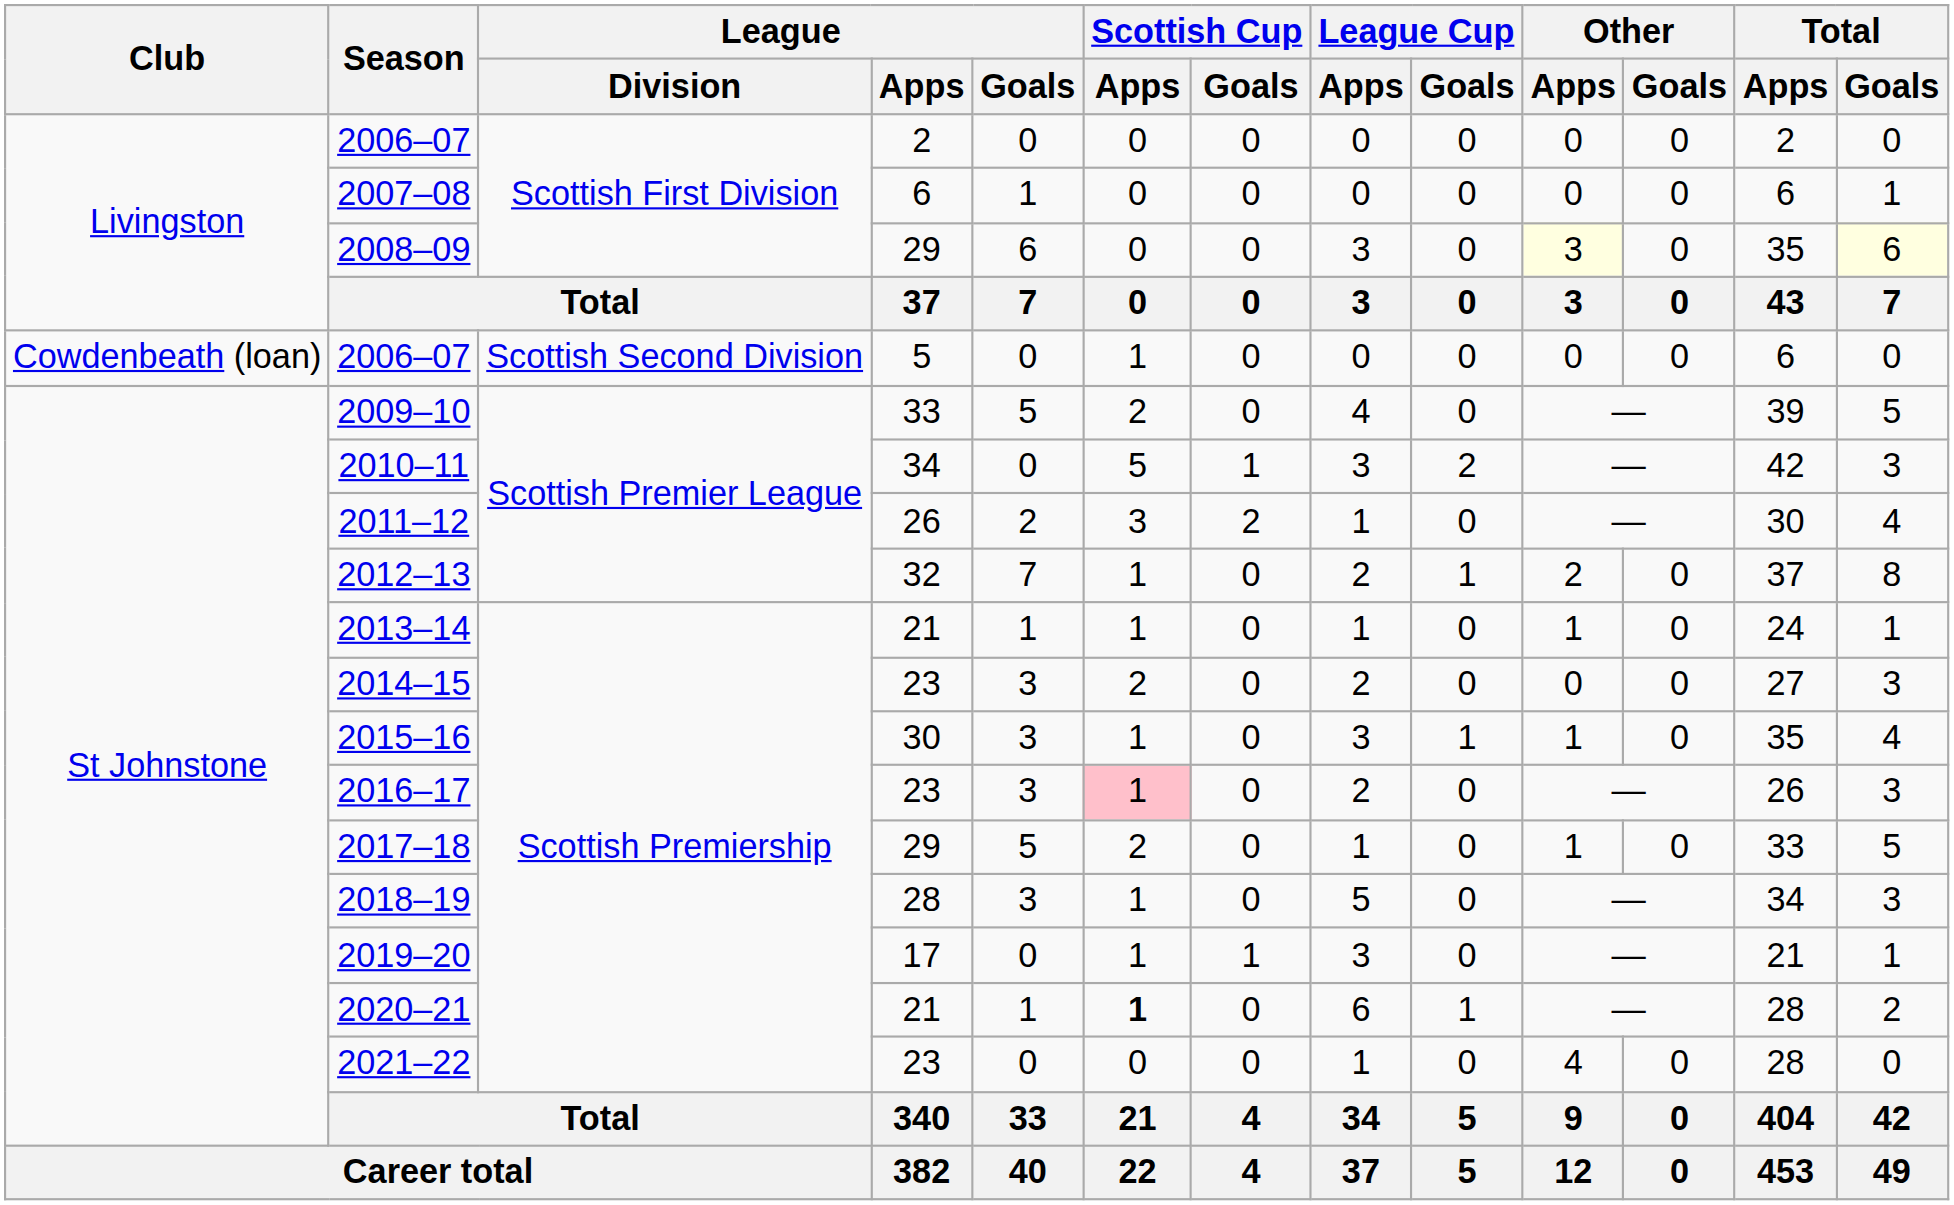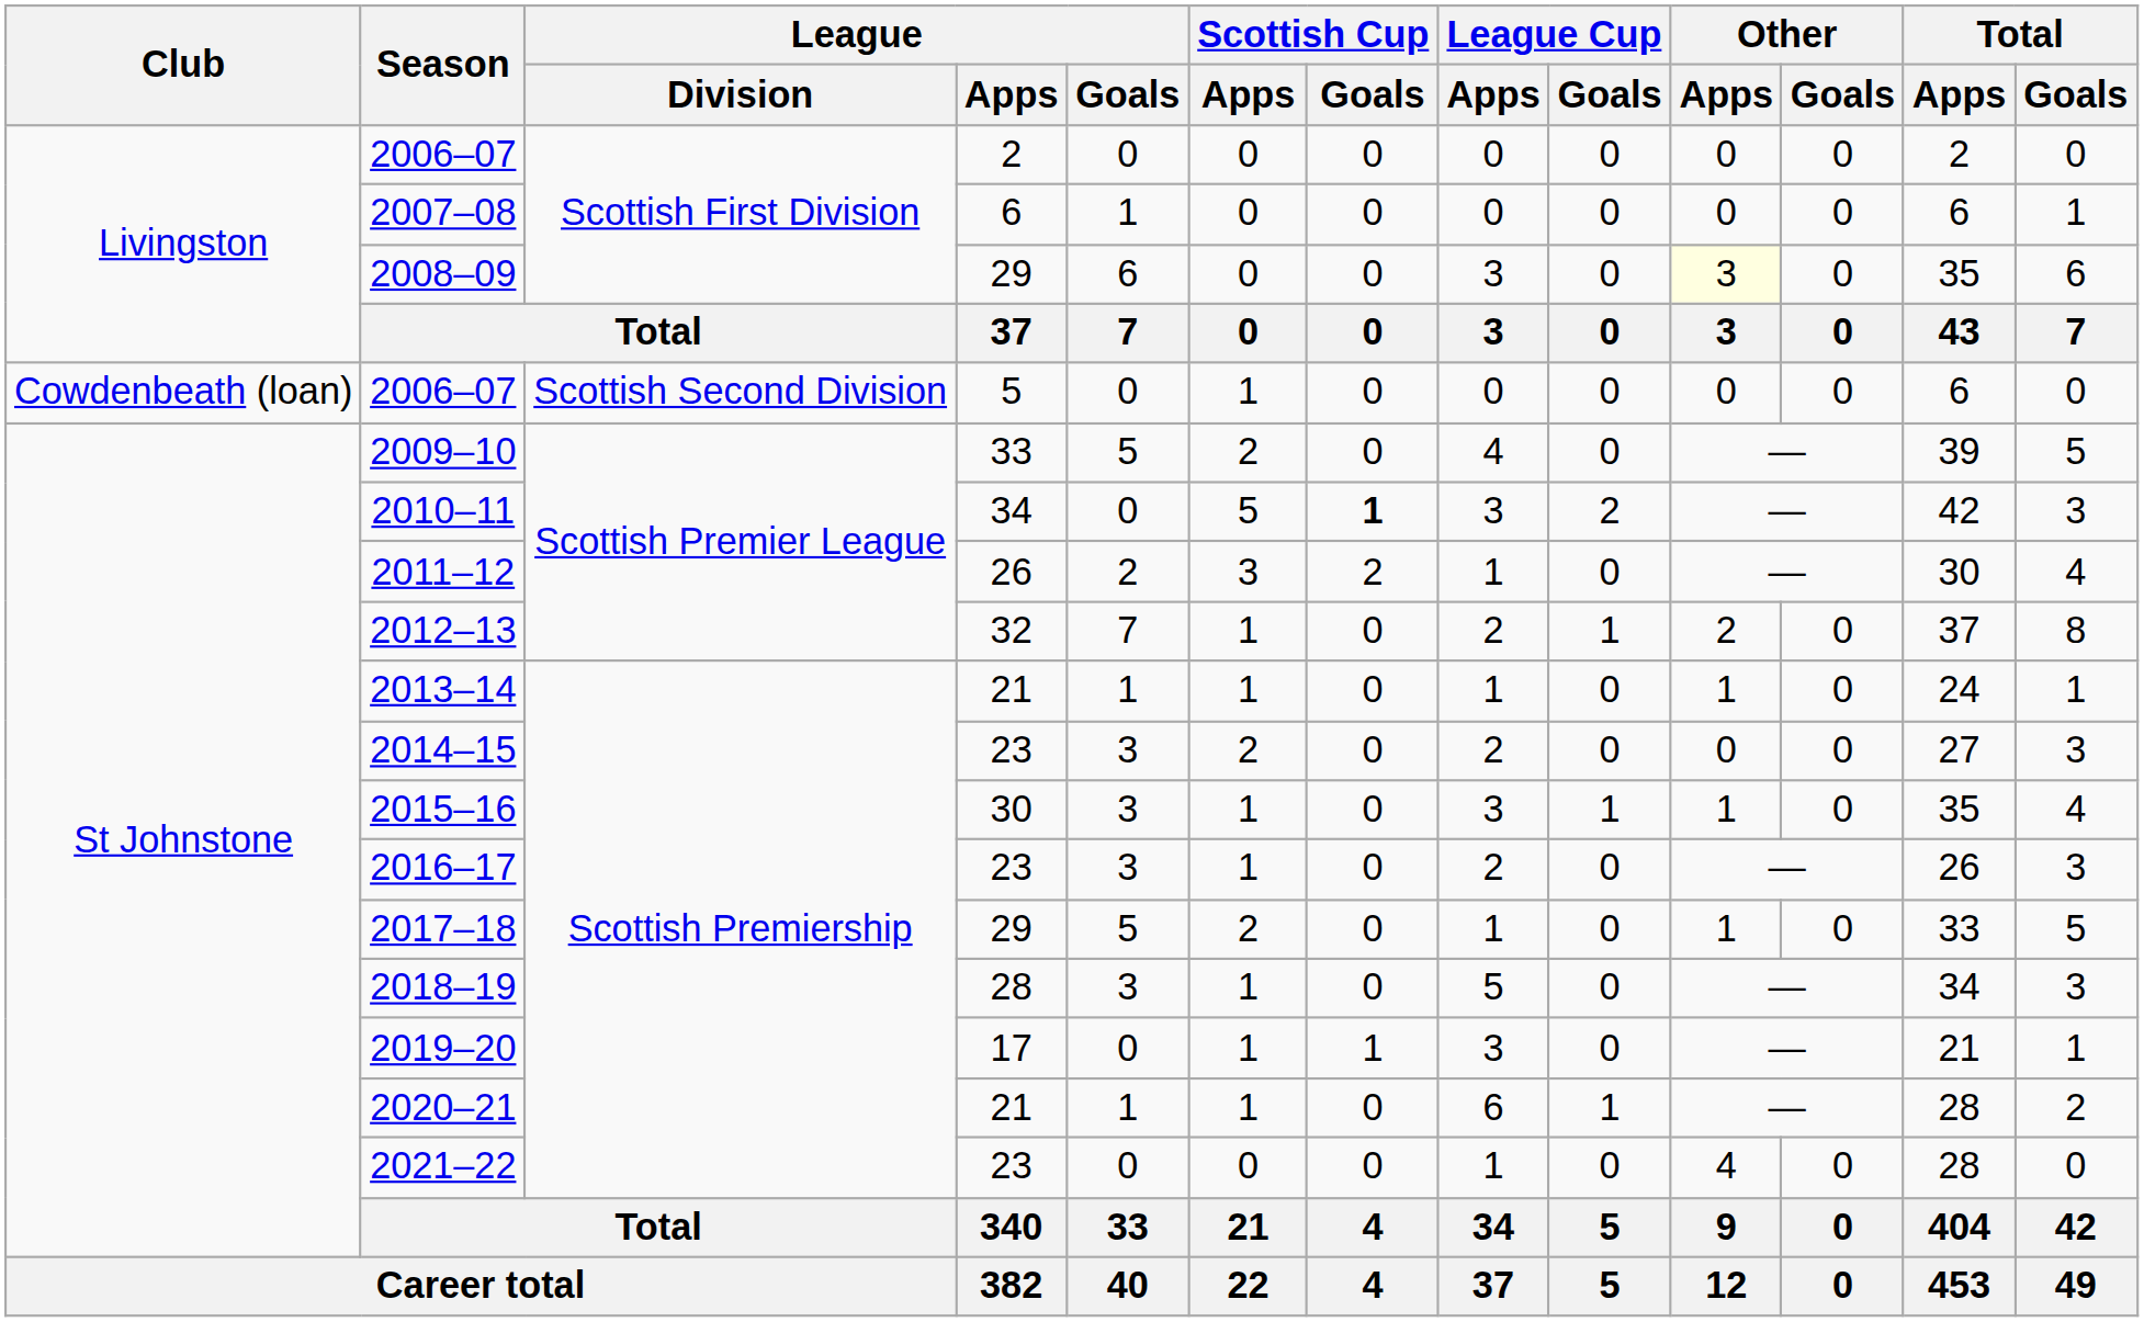 <table class="wikitable" style="text-align: center">
 <tr>
 <th rowspan="2">Club</th>
 <th rowspan="2">Season</th>
 <th colspan="3">League</th>
 <th colspan="2"><a href='#'>Scottish Cup</a></th>
 <th colspan="2"><a href='#'>League Cup</a></th>
 <th colspan="2">Other</th>
 <th colspan="2">Total</th>
 </tr>
 <tr>
 <th>Division</th>
 <th>Apps</th>
 <th>Goals</th>
 <th>Apps</th>
 <th>Goals</th>
 <th>Apps</th>
 <th>Goals</th>
 <th>Apps</th>
 <th>Goals</th>
 <th>Apps</th>
 <th>Goals</th>
 </tr>
 <tr>
 <td rowspan="4"><a href='#'>Livingston</a></td>
 <td><a href='#'>2006–07</a></td>
 <td rowspan="3"><a href='#'>Scottish First Division</a></td>
 <td>2</td>
 <td>0</td>
 <td>0</td>
 <td>0</td>
 <td>0</td>
 <td>0</td>
 <td>0</td>
 <td>0</td>
 <td>2</td>
 <td>0</td>
 </tr>
 <tr>
 <td><a href='#'>2007–08</a></td>
 <td>6</td>
 <td>1</td>
 <td>0</td>
 <td>0</td>
 <td>0</td>
 <td>0</td>
 <td>0</td>
 <td>0</td>
 <td>6</td>
 <td>1</td>
 </tr>
 <tr>
 <td><a href='#'>2008–09</a></td>
 <td>29</td>
 <td>6</td>
 <td>0</td>
 <td>0</td>
 <td>3</td>
 <td>0</td>
 <td style="background: lightyellow;">3</td>
 <td>0</td>
 <td>35</td>
-<td style="background: lightyellow;">6</td>
+<td>6</td>
 </tr>
 <tr>
 <th colspan="2">Total</th>
 <th>37</th>
 <th>7</th>
 <th>0</th>
 <th>0</th>
 <th>3</th>
 <th>0</th>
 <th>3</th>
 <th>0</th>
 <th>43</th>
 <th>7</th>
 </tr>
 <tr>
 <td><a href='#'>Cowdenbeath</a> (loan)</td>
 <td><a href='#'>2006–07</a></td>
 <td><a href='#'>Scottish Second Division</a></td>
 <td>5</td>
 <td>0</td>
 <td>1</td>
 <td>0</td>
 <td>0</td>
 <td>0</td>
 <td>0</td>
 <td>0</td>
 <td>6</td>
 <td>0</td>
 </tr>
 <tr>
 <td rowspan="14"><a href='#'>St Johnstone</a></td>
 <td><a href='#'>2009–10</a></td>
 <td rowspan="4"><a href='#'>Scottish Premier League</a></td>
 <td>33</td>
 <td>5</td>
 <td>2</td>
 <td>0</td>
 <td>4</td>
 <td>0</td>
 <td colspan="2">—</td>
 <td>39</td>
 <td>5</td>
 </tr>
 <tr>
 <td><a href='#'>2010–11</a></td>
 <td>34</td>
 <td>0</td>
 <td>5</td>
-<td>1</td>
+<td><strong>1</strong></td>
 <td>3</td>
 <td>2</td>
 <td colspan="2">—</td>
 <td>42</td>
 <td>3</td>
 </tr>
 <tr>
 <td><a href='#'>2011–12</a></td>
 <td>26</td>
 <td>2</td>
 <td>3</td>
 <td>2</td>
 <td>1</td>
 <td>0</td>
 <td colspan="2">—</td>
 <td>30</td>
 <td>4</td>
 </tr>
 <tr>
 <td><a href='#'>2012–13</a></td>
 <td>32</td>
 <td>7</td>
 <td>1</td>
 <td>0</td>
 <td>2</td>
 <td>1</td>
 <td>2</td>
 <td>0</td>
 <td>37</td>
 <td>8</td>
 </tr>
 <tr>
 <td><a href='#'>2013–14</a></td>
 <td rowspan="9"><a href='#'>Scottish Premiership</a></td>
 <td>21</td>
 <td>1</td>
 <td>1</td>
 <td>0</td>
 <td>1</td>
 <td>0</td>
 <td>1</td>
 <td>0</td>
 <td>24</td>
 <td>1</td>
 </tr>
 <tr>
 <td><a href='#'>2014–15</a></td>
 <td>23</td>
 <td>3</td>
 <td>2</td>
 <td>0</td>
 <td>2</td>
 <td>0</td>
 <td>0</td>
 <td>0</td>
 <td>27</td>
 <td>3</td>
 </tr>
 <tr>
 <td><a href='#'>2015–16</a></td>
 <td>30</td>
 <td>3</td>
 <td>1</td>
 <td>0</td>
 <td>3</td>
 <td>1</td>
 <td>1</td>
 <td>0</td>
 <td>35</td>
 <td>4</td>
 </tr>
 <tr>
 <td><a href='#'>2016–17</a></td>
 <td>23</td>
 <td>3</td>
-<td style="background: pink;">1</td>
+<td>1</td>
 <td>0</td>
 <td>2</td>
 <td>0</td>
 <td colspan="2">—</td>
 <td>26</td>
 <td>3</td>
 </tr>
 <tr>
 <td><a href='#'>2017–18</a></td>
 <td>29</td>
 <td>5</td>
 <td>2</td>
 <td>0</td>
 <td>1</td>
 <td>0</td>
 <td>1</td>
 <td>0</td>
 <td>33</td>
 <td>5</td>
 </tr>
 <tr>
 <td><a href='#'>2018–19</a></td>
 <td>28</td>
 <td>3</td>
 <td>1</td>
 <td>0</td>
 <td>5</td>
 <td>0</td>
 <td colspan=2>—</td>
 <td>34</td>
 <td>3</td>
 </tr>
 <tr>
 <td><a href='#'>2019–20</a></td>
 <td>17</td>
 <td>0</td>
 <td>1</td>
 <td>1</td>
 <td>3</td>
 <td>0</td>
 <td colspan=2>—</td>
 <td>21</td>
 <td>1</td>
 </tr>
 <tr>
 <td><a href='#'>2020–21</a></td>
 <td>21</td>
 <td>1</td>
-<td><strong>1</strong></td>
+<td>1</td>
 <td>0</td>
 <td>6</td>
 <td>1</td>
 <td colspan=2>—</td>
 <td>28</td>
 <td>2</td>
 </tr>
 <tr>
 <td><a href='#'>2021–22</a></td>
 <td>23</td>
 <td>0</td>
 <td>0</td>
 <td>0</td>
 <td>1</td>
 <td>0</td>
 <td>4</td>
 <td>0</td>
 <td>28</td>
 <td>0</td>
 </tr>
 <tr>
 <th colspan="2">Total</th>
 <th>340</th>
 <th>33</th>
 <th>21</th>
 <th>4</th>
 <th>34</th>
 <th>5</th>
 <th>9</th>
 <th>0</th>
 <th>404</th>
 <th>42</th>
 </tr>
 <tr>
 <th colspan="3">Career total</th>
 <th>382</th>
 <th>40</th>
 <th>22</th>
 <th>4</th>
 <th>37</th>
 <th>5</th>
 <th>12</th>
 <th>0</th>
 <th>453</th>
 <th>49</th>
 </tr>
 </table>
